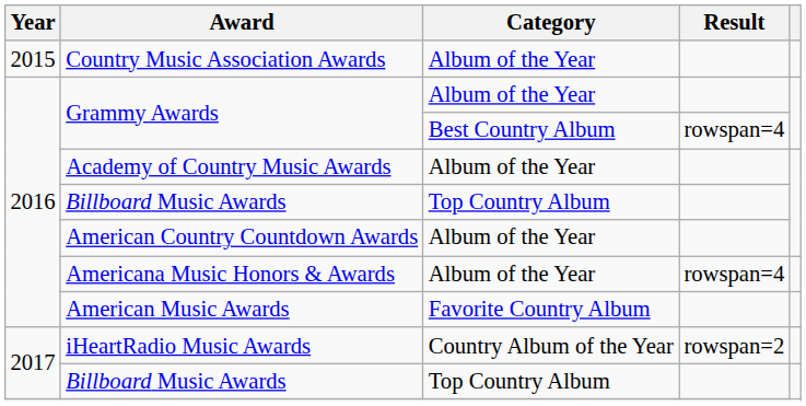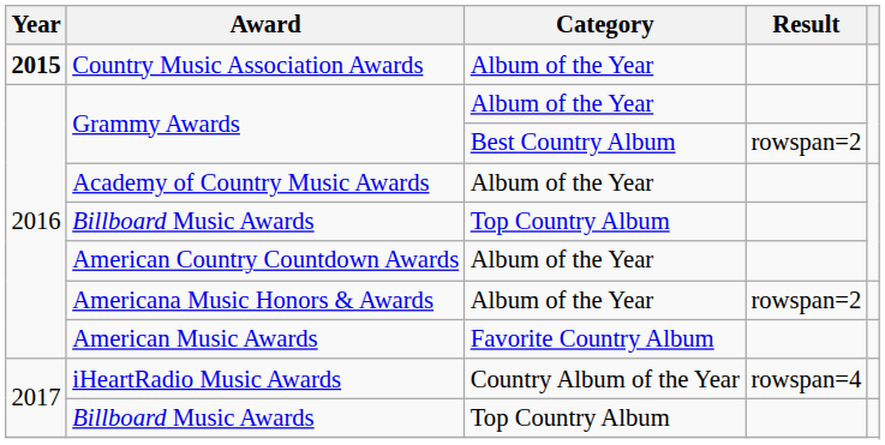 <table class="wikitable">
 <tr>
 <th>Year</th>
 <th>Award</th>
 <th>Category</th>
 <th>Result</th>
 <th></th>
 </tr>
 <tr>
-<td>2015</td>
+<td><strong>2015</strong></td>
 <td><a href='#'>Country Music Association Awards</a></td>
 <td><a href='#'>Album of the Year</a></td>
 <td></td>
 <td style="text-align:center;"></td>
 </tr>
 <tr>
 <td rowspan=7>2016</td>
 <td rowspan=2><a href='#'>Grammy Awards</a></td>
 <td><a href='#'>Album of the Year</a></td>
 <td></td>
 <td style="text-align:center;" rowspan=2></td>
 </tr>
 <tr>
 <td><a href='#'>Best Country Album</a></td>
-<td>rowspan=4 </td>
+<td>rowspan=2 </td>
 </tr>
 <tr>
 <td><a href='#'>Academy of Country Music Awards</a></td>
 <td>Album of the Year</td>
 <td style="text-align:center;"></td>
 </tr>
 <tr>
 <td><a href='#'><em>Billboard</em> Music Awards</a></td>
 <td><a href='#'>Top Country Album</a></td>
 <td style="text-align:center;"></td>
 </tr>
 <tr>
 <td><a href='#'>American Country Countdown Awards</a></td>
 <td>Album of the Year</td>
 <td style="text-align:center;"></td>
 </tr>
 <tr>
 <td><a href='#'>Americana Music Honors & Awards</a></td>
 <td>Album of the Year</td>
-<td>rowspan=4 </td>
+<td>rowspan=2 </td>
 <td style="text-align:center;"></td>
 </tr>
 <tr>
 <td><a href='#'>American Music Awards</a></td>
 <td><a href='#'>Favorite Country Album</a></td>
 <td style="text-align:center;"></td>
 </tr>
 <tr>
 <td rowspan=2>2017</td>
 <td><a href='#'>iHeartRadio Music Awards</a></td>
 <td>Country Album of the Year</td>
-<td>rowspan=2 </td>
+<td>rowspan=4 </td>
 <td style="text-align:center;"></td>
 </tr>
 <tr>
 <td><a href='#'><em>Billboard</em> Music Awards</a></td>
 <td>Top Country Album</td>
 <td style="text-align:center;"></td>
 </tr>
 <tr>
 </tr>
 </table>
